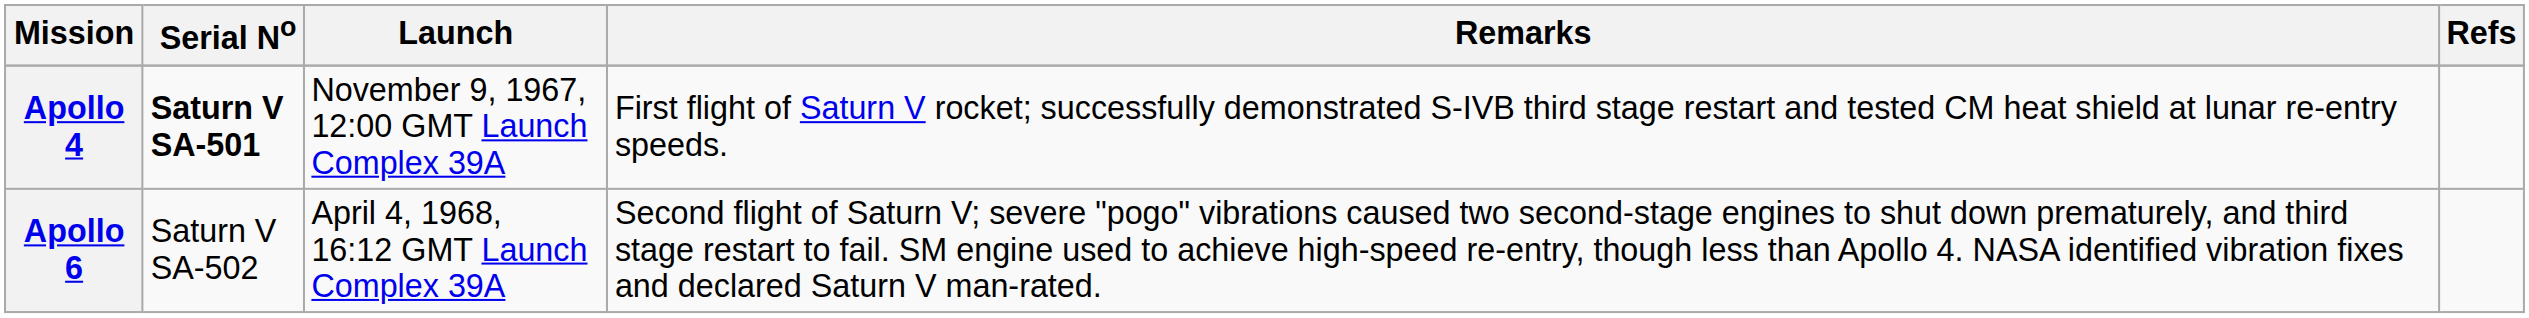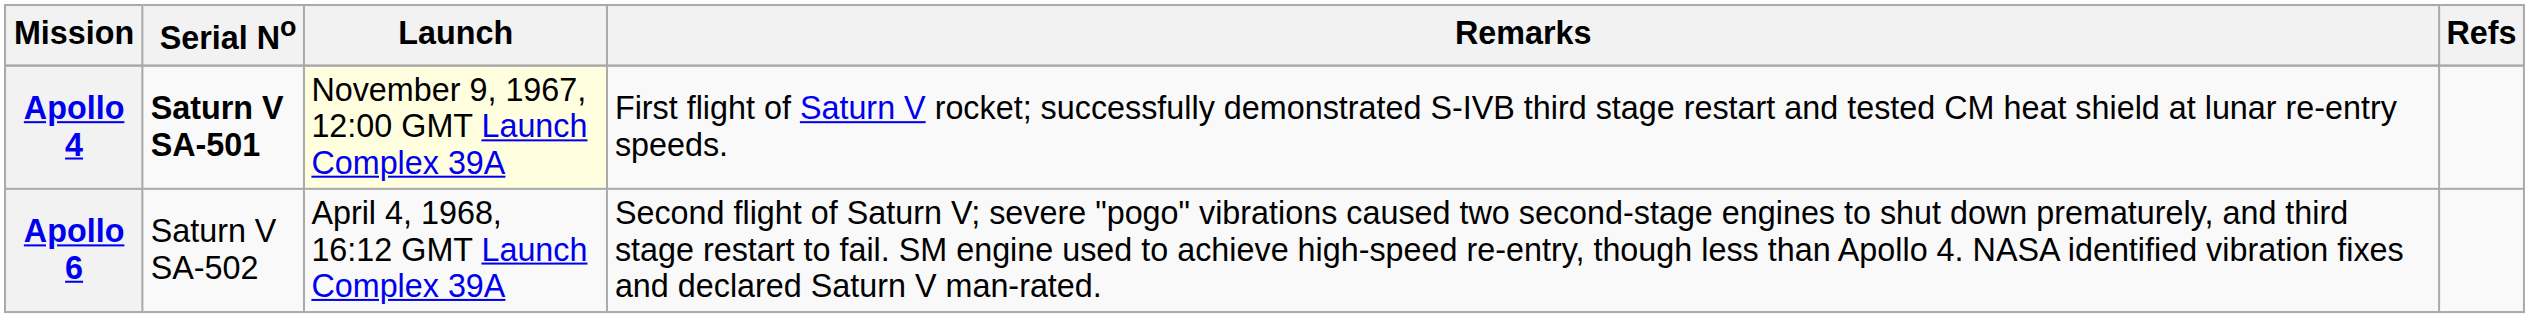 <table class="wikitable sortable">
 <tr>
 <th scope="col">Mission</th>
 <th scope="col"> Serial N<sup>o</sup></th>
 <th scope="col">Launch</th>
 <th scope="col" class="unsortable">Remarks</th>
 <th scope="col" class="unsortable">Refs</th>
 </tr>
 <tr>
 </tr>
 <tr>
 <th scope="row"><a href='#'>Apollo 4</a></th>
 <td><strong>Saturn V<br>SA-501</strong></td>
-<td data-sort-value="19671109">November 9, 1967,<br>12:00 GMT <a href='#'>Launch Complex 39A</a></td>
+<td data-sort-value="19671109" style="background: lightyellow;">November 9, 1967,<br>12:00 GMT <a href='#'>Launch Complex 39A</a></td>
 <td>First flight of <a href='#'>Saturn V</a> rocket; successfully demonstrated S-IVB third stage restart and tested CM heat shield at lunar re-entry speeds.</td>
 <td style="text-align: center;"></td>
 </tr>
 <tr>
 <th scope="row"><a href='#'>Apollo 6</a></th>
 <td>Saturn V<br>SA-502</td>
 <td data-sort-value="19680404">April 4, 1968,<br>16:12 GMT <a href='#'>Launch Complex 39A</a></td>
 <td>Second flight of Saturn V; severe "pogo" vibrations caused two second-stage engines to shut down prematurely, and third stage restart to fail. SM engine used to achieve high-speed re-entry, though less than Apollo 4. NASA identified vibration fixes and declared Saturn V man-rated.</td>
 <td style="text-align: center;"></td>
 </tr>
 </table>
